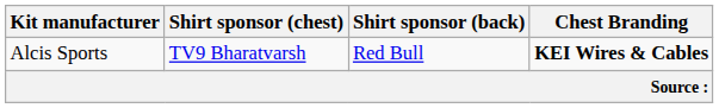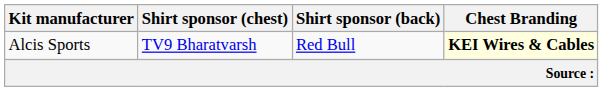 <table class="wikitable"  style="font-size:85%;">
 <tr>
 <th>Kit manufacturer</th>
 <th>Shirt sponsor (chest)</th>
 <th>Shirt sponsor (back)</th>
 <th>Chest Branding</th>
 </tr>
 <tr>
 <td>Alcis Sports</td>
 <td><a href='#'>TV9 Bharatvarsh</a></td>
 <td><a href='#'>Red Bull</a></td>
-<td><strong>KEI Wires & Cables</strong></td>
+<td style="background: lightyellow;"><strong>KEI Wires & Cables</strong></td>
 </tr>
 <tr>
 <th colspan="4" style="text-align:right;"><small> Source :</small></th>
 </tr>
 </table>
